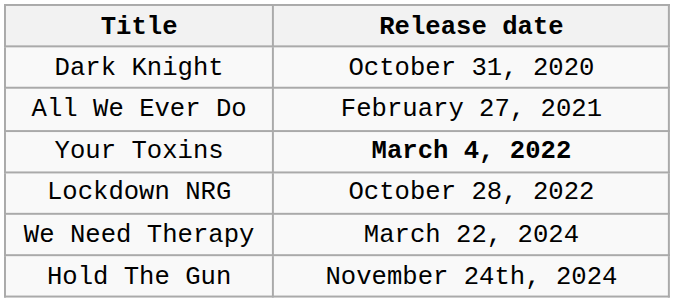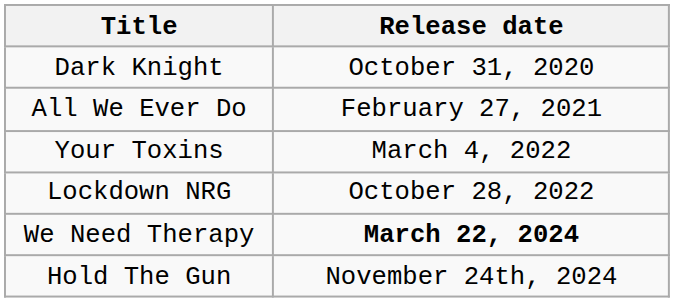 <table class="wikitable" style="text-align:center;">
 <tr>
 <th style="width:10em">Title</th>
 <th style="width:15em">Release date</th>
 </tr>
 <tr>
 <td>Dark Knight</td>
 <td>October 31, 2020</td>
 </tr>
 <tr>
 <td>All We Ever Do</td>
 <td>February 27, 2021</td>
 </tr>
 <tr>
 <td>Your Toxins</td>
-<td><strong>March 4, 2022</strong></td>
+<td>March 4, 2022</td>
 </tr>
 <tr>
 <td>Lockdown NRG</td>
 <td>October 28, 2022</td>
 </tr>
 <tr>
 <td>We Need Therapy</td>
-<td>March 22, 2024</td>
+<td><strong>March 22, 2024</strong></td>
 </tr>
 <tr>
 <td>Hold The Gun</td>
 <td>November 24th, 2024</td>
 </tr>
 </table>
